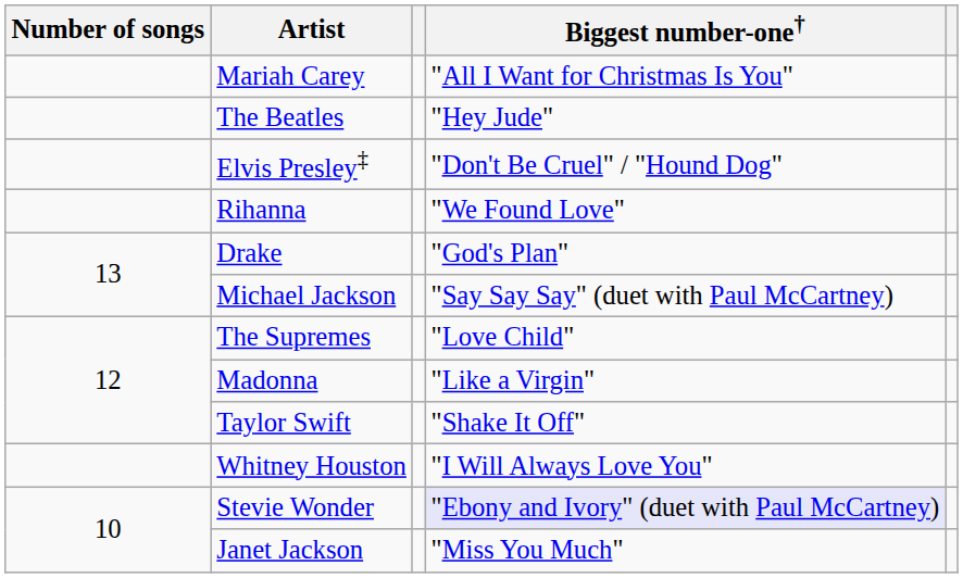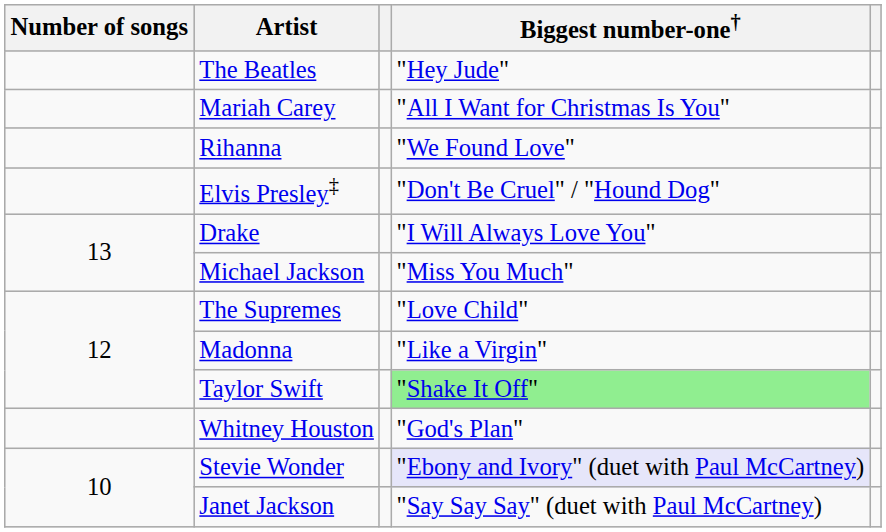 <table class="wikitable">
 <tr>
 <th>Number of songs</th>
 <th>Artist</th>
 <th></th>
 <th>Biggest number-one<sup>†</sup></th>
 <th></th>
 </tr>
 <tr>
 <td></td>
+<td><a href='#'>The Beatles</a></td>
+<td></td>
+<td>"<a href='#'>Hey Jude</a>"</td>
+<td></td>
+</tr>
+<tr>
+<td></td>
 <td><a href='#'>Mariah Carey</a></td>
 <td></td>
 <td>"<a href='#'>All I Want for Christmas Is You</a>"</td>
 <td></td>
 </tr>
 <tr>
 <td></td>
-<td><a href='#'>The Beatles</a></td>
+<td><a href='#'>Rihanna</a></td>
 <td></td>
-<td>"<a href='#'>Hey Jude</a>"</td>
+<td>"<a href='#'>We Found Love</a>"</td>
 <td></td>
 </tr>
 <tr>
 <td></td>
 <td><a href='#'>Elvis Presley</a><sup>‡</sup></td>
 <td></td>
 <td>"<a href='#'>Don't Be Cruel</a>" / "<a href='#'>Hound Dog</a>"</td>
 <td><br> </td>
 </tr>
 <tr>
-<td></td>
-<td><a href='#'>Rihanna</a></td>
-<td></td>
-<td>"<a href='#'>We Found Love</a>"</td>
-<td></td>
-</tr>
-<tr>
 <td rowspan=2 style="text-align:center;">13</td>
 <td><a href='#'>Drake</a></td>
 <td></td>
-<td>"<a href='#'>God's Plan</a>"</td>
+<td>"<a href='#'>I Will Always Love You</a>"</td>
 <td></td>
 </tr>
 <tr>
 <td><a href='#'>Michael Jackson</a></td>
 <td></td>
-<td>"<a href='#'>Say Say Say</a>" (duet with <a href='#'>Paul McCartney</a>)</td>
+<td>"<a href='#'>Miss You Much</a>"</td>
 <td></td>
 </tr>
 <tr>
 <td rowspan=3 style="text-align:center;">12</td>
 <td><a href='#'>The Supremes</a></td>
 <td></td>
 <td>"<a href='#'>Love Child</a>"</td>
 <td></td>
 </tr>
 <tr>
 <td><a href='#'>Madonna</a></td>
 <td></td>
 <td>"<a href='#'>Like a Virgin</a>"</td>
 <td></td>
 </tr>
 <tr>
 <td><a href='#'>Taylor Swift</a></td>
 <td></td>
-<td>"<a href='#'>Shake It Off</a>"</td>
+<td style="background: lightgreen;">"<a href='#'>Shake It Off</a>"</td>
 <td></td>
 </tr>
 <tr>
 <td></td>
 <td><a href='#'>Whitney Houston</a></td>
 <td></td>
-<td>"<a href='#'>I Will Always Love You</a>"</td>
+<td>"<a href='#'>God's Plan</a>"</td>
 <td></td>
 </tr>
 <tr>
 <td rowspan=2 style="text-align:center;">10</td>
 <td><a href='#'>Stevie Wonder</a></td>
 <td></td>
 <td style="background: lavender;">"<a href='#'>Ebony and Ivory</a>" (duet with <a href='#'>Paul McCartney</a>)</td>
 <td></td>
 </tr>
 <tr>
 <td><a href='#'>Janet Jackson</a></td>
 <td></td>
-<td>"<a href='#'>Miss You Much</a>"</td>
+<td>"<a href='#'>Say Say Say</a>" (duet with <a href='#'>Paul McCartney</a>)</td>
 <td></td>
 </tr>
 </table>
